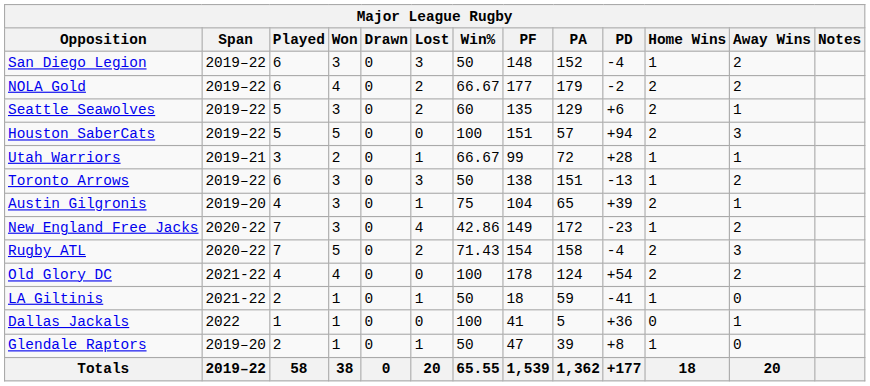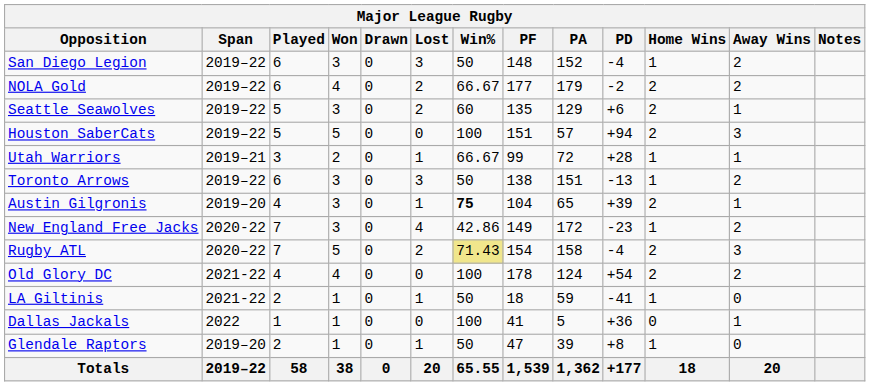 <table class="wikitable collapsible sortable">
 <tr>
 <th colspan=13>Major League Rugby</th>
 </tr>
 <tr>
 <th>Opposition</th>
 <th>Span</th>
 <th>Played</th>
 <th>Won</th>
 <th>Drawn</th>
 <th>Lost</th>
 <th>Win%</th>
 <th>PF</th>
 <th>PA</th>
 <th>PD</th>
 <th>Home Wins</th>
 <th>Away Wins</th>
 <th>Notes<br></th>
 </tr>
 <tr>
 <td><a href='#'>San Diego Legion</a></td>
 <td>2019–22</td>
 <td>6</td>
 <td>3</td>
 <td>0</td>
 <td>3</td>
 <td>50</td>
 <td>148</td>
 <td>152</td>
 <td>-4</td>
 <td>1</td>
 <td>2</td>
 <td></td>
 </tr>
 <tr>
 <td><a href='#'>NOLA Gold</a></td>
 <td>2019–22</td>
 <td>6</td>
 <td>4</td>
 <td>0</td>
 <td>2</td>
 <td>66.67</td>
 <td>177</td>
 <td>179</td>
 <td>-2</td>
 <td>2</td>
 <td>2</td>
 <td></td>
 </tr>
 <tr>
 <td><a href='#'>Seattle Seawolves</a></td>
 <td>2019–22</td>
 <td>5</td>
 <td>3</td>
 <td>0</td>
 <td>2</td>
 <td>60</td>
 <td>135</td>
 <td>129</td>
 <td>+6</td>
 <td>2</td>
 <td>1</td>
 <td></td>
 </tr>
 <tr>
 <td><a href='#'>Houston SaberCats</a></td>
 <td>2019–22</td>
 <td>5</td>
 <td>5</td>
 <td>0</td>
 <td>0</td>
 <td>100</td>
 <td>151</td>
 <td>57</td>
 <td>+94</td>
 <td>2</td>
 <td>3</td>
 <td></td>
 </tr>
 <tr>
 <td><a href='#'>Utah Warriors</a></td>
 <td>2019–21</td>
 <td>3</td>
 <td>2</td>
 <td>0</td>
 <td>1</td>
 <td>66.67</td>
 <td>99</td>
 <td>72</td>
 <td>+28</td>
 <td>1</td>
 <td>1</td>
 <td></td>
 </tr>
 <tr>
 <td><a href='#'>Toronto Arrows</a></td>
 <td>2019–22</td>
 <td>6</td>
 <td>3</td>
 <td>0</td>
 <td>3</td>
 <td>50</td>
 <td>138</td>
 <td>151</td>
 <td>-13</td>
 <td>1</td>
 <td>2</td>
 <td></td>
 </tr>
 <tr>
 <td><a href='#'>Austin Gilgronis</a></td>
 <td>2019–20</td>
 <td>4</td>
 <td>3</td>
 <td>0</td>
 <td>1</td>
-<td>75</td>
+<td><strong>75</strong></td>
 <td>104</td>
 <td>65</td>
 <td>+39</td>
 <td>2</td>
 <td>1</td>
 <td></td>
 </tr>
 <tr>
 <td><a href='#'>New England Free Jacks</a></td>
 <td>2020-22</td>
 <td>7</td>
 <td>3</td>
 <td>0</td>
 <td>4</td>
 <td>42.86</td>
 <td>149</td>
 <td>172</td>
 <td>-23</td>
 <td>1</td>
 <td>2</td>
 <td></td>
 </tr>
 <tr>
 <td><a href='#'>Rugby ATL</a></td>
 <td>2020–22</td>
 <td>7</td>
 <td>5</td>
 <td>0</td>
 <td>2</td>
-<td>71.43</td>
+<td style="background: khaki;">71.43</td>
 <td>154</td>
 <td>158</td>
 <td>-4</td>
 <td>2</td>
 <td>3</td>
 <td></td>
 </tr>
 <tr>
 <td><a href='#'>Old Glory DC</a></td>
 <td>2021-22</td>
 <td>4</td>
 <td>4</td>
 <td>0</td>
 <td>0</td>
 <td>100</td>
 <td>178</td>
 <td>124</td>
 <td>+54</td>
 <td>2</td>
 <td>2</td>
 <td></td>
 </tr>
 <tr>
 <td><a href='#'>LA Giltinis</a></td>
 <td>2021-22</td>
 <td>2</td>
 <td>1</td>
 <td>0</td>
 <td>1</td>
 <td>50</td>
 <td>18</td>
 <td>59</td>
 <td>-41</td>
 <td>1</td>
 <td>0</td>
 <td></td>
 </tr>
 <tr>
 <td><a href='#'>Dallas Jackals</a></td>
 <td>2022</td>
 <td>1</td>
 <td>1</td>
 <td>0</td>
 <td>0</td>
 <td>100</td>
 <td>41</td>
 <td>5</td>
 <td>+36</td>
 <td>0</td>
 <td>1</td>
 <td></td>
 </tr>
 <tr>
 <td><a href='#'>Glendale Raptors</a></td>
 <td>2019–20</td>
 <td>2</td>
 <td>1</td>
 <td>0</td>
 <td>1</td>
 <td>50</td>
 <td>47</td>
 <td>39</td>
 <td>+8</td>
 <td>1</td>
 <td>0</td>
 <td></td>
 </tr>
 <tr>
 <th>Totals</th>
 <th>2019–22</th>
 <th>58</th>
 <th>38</th>
 <th>0</th>
 <th>20</th>
 <th>65.55</th>
 <th>1,539</th>
 <th>1,362</th>
 <th>+177</th>
 <th>18</th>
 <th>20</th>
 <th></th>
 </tr>
 </table>
